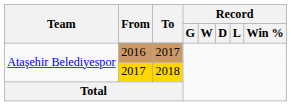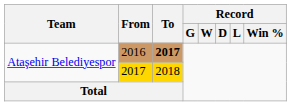 <table class="wikitable" style="text-align: center">
 <tr>
 <th rowspan="2">Team</th>
 <th rowspan="2">From</th>
 <th rowspan="2">To</th>
 <th colspan="5">Record</th>
 </tr>
 <tr>
 <th>G</th>
 <th>W</th>
 <th>D</th>
 <th>L</th>
 <th>Win %</th>
 </tr>
 <tr>
 <td rowspan=3 align=left><a href='#'>Ataşehir Belediyespor</a></td>
 </tr>
 <tr bgcolor=cc9966>
 <td align=left>2016</td>
-<td align=left>2017<br></td>
+<td align=left><strong>2017<br></strong></td>
 </tr>
 <tr bgcolor=gold>
 <td align=left>2017</td>
 <td align=left>2018<br></td>
 </tr>
 <tr>
 <th colspan="3">Total<br></th>
 </tr>
 </table>
